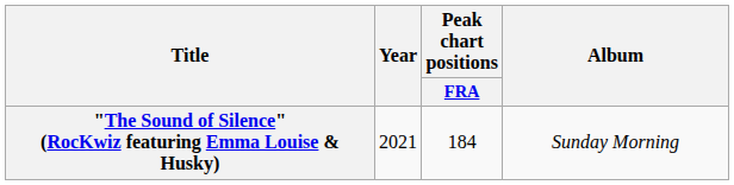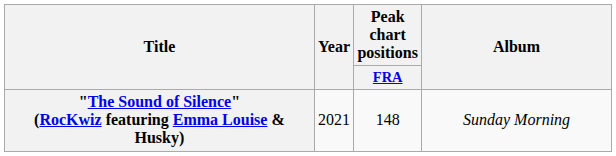 <table class="wikitable plainrowheaders" style="text-align:center;">
 <tr>
 <th scope="col" rowspan="2" style="width:20em;">Title</th>
 <th scope="col" rowspan="2">Year</th>
 <th scope="col" colspan="1">Peak chart positions</th>
 <th scope="col" rowspan="2" style="width:12em;">Album</th>
 </tr>
 <tr>
 <th scope="col" style="width:2.5em;font-size:90%;"><a href='#'>FRA</a><br></th>
 </tr>
 <tr>
 <th scope="row">"<a href='#'>The Sound of Silence</a>"<br><span>(<a href='#'>RocKwiz</a> featuring <a href='#'>Emma Louise</a> & Husky)</span></th>
 <td>2021</td>
-<td>184</td>
+<td>148</td>
 <td><em>Sunday Morning</em></td>
 </tr>
 </table>
